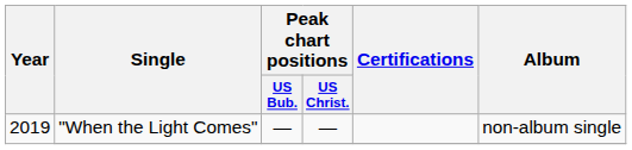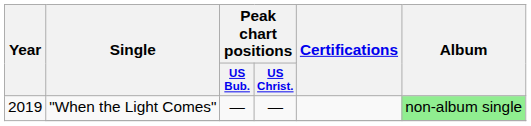 <table class="wikitable" style="text-align:center;">
 <tr>
 <th rowspan="2">Year</th>
 <th rowspan="2">Single</th>
 <th colspan="2">Peak chart positions</th>
 <th scope="col" rowspan="2"><a href='#'>Certifications</a></th>
 <th rowspan="2">Album</th>
 </tr>
 <tr style="font-size:smaller;">
 <th scope="col" style="width:2.5em;font-size:90%;"><a href='#'>US<br>Bub.</a><br></th>
 <th scope="col" style="width:2.5em;font-size:90%;"><a href='#'>US<br>Christ.</a><br></th>
 </tr>
 <tr>
 <td rowspan="2">2019</td>
 <td align="left">"When the Light Comes"</td>
 <td>—</td>
 <td>—</td>
 <td></td>
-<td>non-album single</td>
+<td style="background: lightgreen;">non-album single</td>
 </tr>
 <tr>
 </tr>
 </table>
